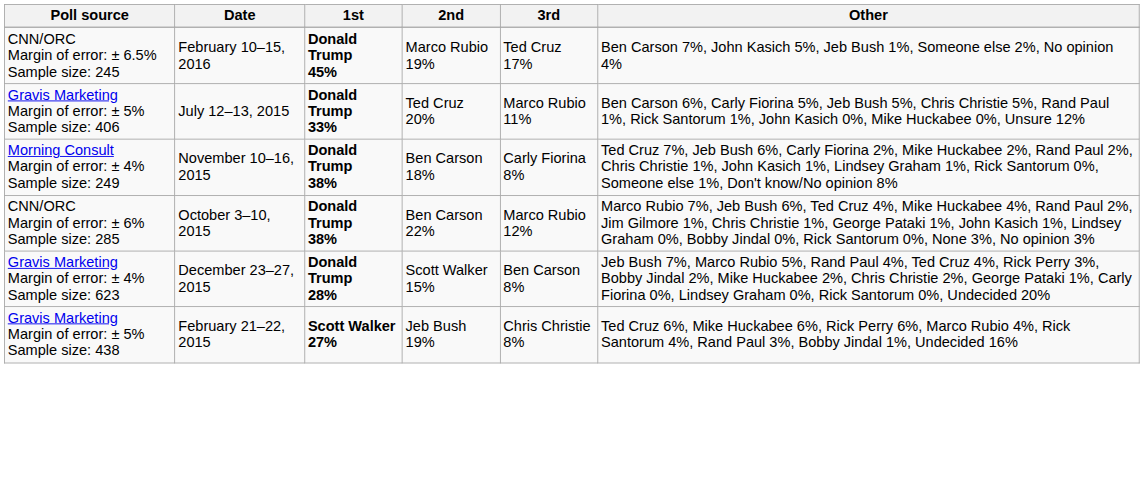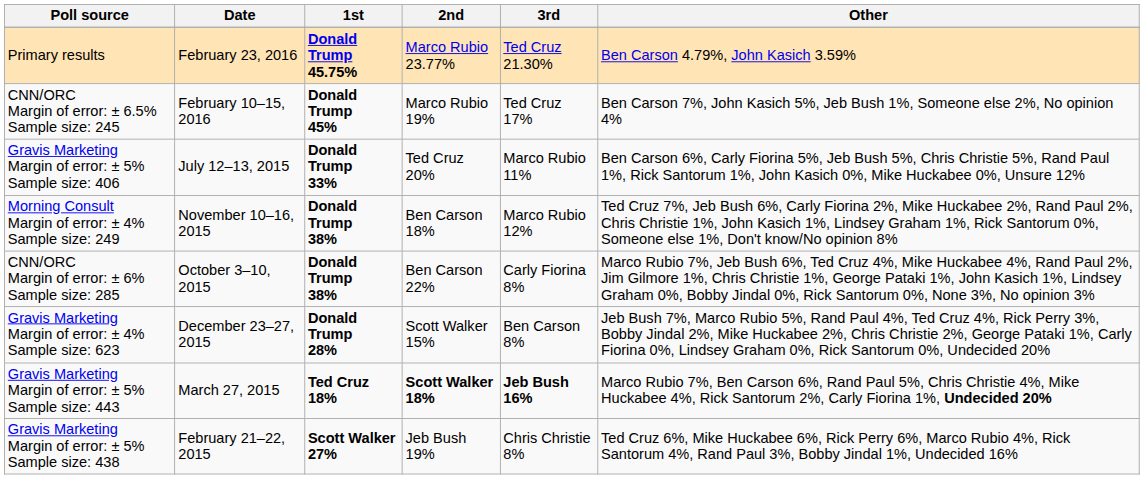 <table class="wikitable">
 <tr>
 <th style="width:180px;">Poll source</th>
 <th style="width:135px;">Date</th>
 <th style="width:100px;">1st</th>
 <th style="width:100px;">2nd</th>
 <th style="width:100px;">3rd</th>
 <th>Other</th>
 </tr>
 <tr>
+</tr>
+<tr style="background:Moccasin;">
+<td>Primary results</td>
+<td>February 23, 2016</td>
+<td><strong><a href='#'>Donald Trump</a><br>45.75%</strong></td>
+<td><a href='#'>Marco Rubio</a><br>23.77%</td>
+<td><a href='#'>Ted Cruz</a><br>21.30%</td>
+<td><a href='#'>Ben Carson</a> 4.79%, <a href='#'>John Kasich</a> 3.59%</td>
 </tr>
 <tr>
 <td>CNN/ORC<br>Margin of error: ± 6.5% <br>Sample size: 245</td>
 <td>February 10–15, 2016</td>
 <td><strong>Donald Trump<br>45%</strong></td>
 <td>Marco Rubio<br>19%</td>
 <td>Ted Cruz<br>17%</td>
 <td>Ben Carson 7%, John Kasich 5%, Jeb Bush 1%, Someone else 2%, No opinion 4%</td>
 </tr>
 <tr>
 <td><a href='#'>Gravis Marketing</a><br>Margin of error: ± 5% <br>Sample size: 406</td>
 <td>July 12–13, 2015</td>
 <td><strong>Donald Trump<br>33%</strong></td>
 <td>Ted Cruz<br>20%</td>
 <td>Marco Rubio<br>11%</td>
 <td>Ben Carson 6%, Carly Fiorina 5%, Jeb Bush 5%, Chris Christie 5%, Rand Paul 1%, Rick Santorum 1%, John Kasich 0%, Mike Huckabee 0%, Unsure 12%</td>
 </tr>
 <tr>
 <td><a href='#'>Morning Consult</a><br>Margin of error: ± 4% <br>Sample size: 249</td>
 <td>November 10–16, 2015</td>
 <td><strong>Donald Trump<br>38%</strong></td>
 <td>Ben Carson<br>18%</td>
-<td>Carly Fiorina<br>8%</td>
+<td>Marco Rubio<br>12%</td>
 <td>Ted Cruz 7%, Jeb Bush 6%, Carly Fiorina 2%, Mike Huckabee 2%, Rand Paul 2%, Chris Christie 1%, John Kasich 1%, Lindsey Graham 1%, Rick Santorum 0%, Someone else 1%, Don't know/No opinion 8%</td>
 </tr>
 <tr>
 <td>CNN/ORC<br>Margin of error: ± 6% <br>Sample size: 285</td>
 <td>October 3–10, 2015</td>
 <td><strong>Donald Trump<br>38%</strong></td>
 <td>Ben Carson<br>22%</td>
-<td>Marco Rubio<br>12%</td>
+<td>Carly Fiorina<br>8%</td>
 <td>Marco Rubio 7%, Jeb Bush 6%, Ted Cruz 4%, Mike Huckabee 4%, Rand Paul 2%, Jim Gilmore 1%, Chris Christie 1%, George Pataki 1%, John Kasich 1%, Lindsey Graham 0%, Bobby Jindal 0%, Rick Santorum 0%, None 3%, No opinion 3%</td>
 </tr>
 <tr>
 <td><a href='#'>Gravis Marketing</a><br>Margin of error: ± 4% <br>Sample size: 623</td>
 <td>December 23–27, 2015</td>
 <td><strong>Donald Trump<br>28%</strong></td>
 <td>Scott Walker<br>15%</td>
 <td>Ben Carson<br>8%</td>
 <td>Jeb Bush 7%, Marco Rubio 5%, Rand Paul 4%, Ted Cruz 4%, Rick Perry 3%, Bobby Jindal 2%, Mike Huckabee 2%, Chris Christie 2%, George Pataki 1%, Carly Fiorina 0%, Lindsey Graham 0%, Rick Santorum 0%, Undecided 20%</td>
 </tr>
 <tr>
+<td><a href='#'>Gravis Marketing</a><br>Margin of error: ± 5% <br>Sample size: 443</td>
+<td>March 27, 2015</td>
+<td><strong>Ted Cruz<br>18%</strong></td>
+<td><strong>Scott Walker<br>18%</strong></td>
+<td><strong>Jeb Bush<br>16%</strong></td>
+<td>Marco Rubio 7%, Ben Carson 6%, Rand Paul 5%, Chris Christie 4%, Mike Huckabee 4%, Rick Santorum 2%, Carly Fiorina 1%, <span><strong>Undecided 20%</strong></span></td>
+</tr>
+<tr>
 <td><a href='#'>Gravis Marketing</a><br>Margin of error: ± 5% <br>Sample size: 438</td>
 <td>February 21–22, 2015</td>
 <td><strong>Scott Walker<br>27%</strong></td>
 <td>Jeb Bush<br>19%</td>
 <td>Chris Christie<br>8%</td>
 <td>Ted Cruz 6%, Mike Huckabee 6%, Rick Perry 6%, Marco Rubio 4%, Rick Santorum 4%, Rand Paul 3%, Bobby Jindal 1%, Undecided 16%</td>
 </tr>
 </table>
